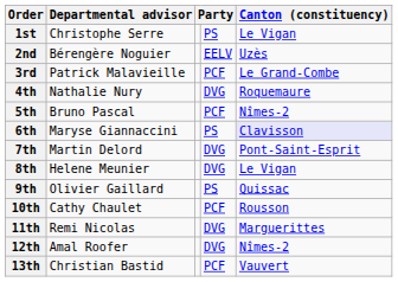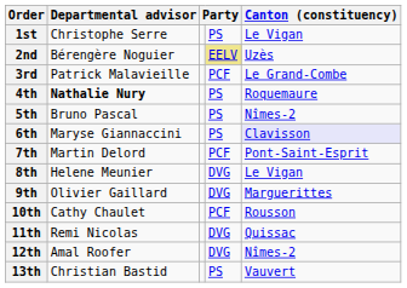 <table class="wikitable sortable">
 <tr>
 <th>Order</th>
 <th>Departmental advisor</th>
 <th colspan="2">Party</th>
 <th><a href='#'>Canton</a> (constituency)</th>
 </tr>
 <tr>
 <th><abbr><strong>1st</strong></abbr></th>
 <td>Christophe Serre</td>
 <td style="background-color:"></td>
 <td><a href='#'>PS</a></td>
 <td><a href='#'>Le Vigan</a></td>
 </tr>
 <tr>
 <th><abbr><strong>2nd</strong></abbr></th>
 <td>Bérengère Noguier</td>
 <td style="background-color:"></td>
-<td><a href='#'>EELV</a></td>
+<td style="background: khaki;"><a href='#'>EELV</a></td>
 <td><a href='#'>Uzès</a></td>
 </tr>
 <tr>
 <th><abbr><strong>3rd</strong></abbr></th>
 <td>Patrick Malavieille</td>
 <td style="background-color:"></td>
 <td><a href='#'>PCF</a></td>
 <td><a href='#'>Le Grand-Combe</a></td>
 </tr>
 <tr>
 <th><abbr><strong>4th</strong></abbr></th>
-<td>Nathalie Nury</td>
+<td><strong>Nathalie Nury</strong></td>
 <td style="background-color:"></td>
-<td><a href='#'>DVG</a></td>
+<td><a href='#'>PS</a></td>
 <td><a href='#'>Roquemaure</a></td>
 </tr>
 <tr>
 <th><abbr><strong>5th</strong></abbr></th>
 <td>Bruno Pascal</td>
 <td style="background-color:"></td>
-<td><a href='#'>PCF</a></td>
+<td><a href='#'>PS</a></td>
 <td><a href='#'>Nîmes-2</a></td>
 </tr>
 <tr>
 <th><abbr><strong>6th</strong></abbr></th>
 <td>Maryse Giannaccini</td>
 <td style="background-color:"></td>
 <td><a href='#'>PS</a></td>
 <td style="background: lavender;"><a href='#'>Clavisson</a></td>
 </tr>
 <tr>
 <th><abbr><strong>7th</strong></abbr></th>
 <td>Martin Delord</td>
 <td style="background-color:"></td>
-<td><a href='#'>DVG</a></td>
+<td><a href='#'>PCF</a></td>
 <td><a href='#'>Pont-Saint-Esprit</a></td>
 </tr>
 <tr>
 <th><abbr><strong>8th</strong></abbr></th>
 <td>Helene Meunier</td>
 <td style="background-color:"></td>
 <td><a href='#'>DVG</a></td>
 <td><a href='#'>Le Vigan</a></td>
 </tr>
 <tr>
 <th><abbr><strong>9th</strong></abbr></th>
 <td>Olivier Gaillard</td>
 <td style="background-color:"></td>
-<td><a href='#'>PS</a></td>
-<td><a href='#'>Quissac</a></td>
+<td><a href='#'>DVG</a></td>
+<td><a href='#'>Marguerittes</a></td>
 </tr>
 <tr>
 <th><abbr><strong>10th</strong></abbr></th>
 <td>Cathy Chaulet</td>
 <td style="background-color:"></td>
 <td><a href='#'>PCF</a></td>
 <td><a href='#'>Rousson</a></td>
 </tr>
 <tr>
 <th><abbr><strong>11th</strong></abbr></th>
 <td>Remi Nicolas</td>
 <td style="background-color:"></td>
 <td><a href='#'>DVG</a></td>
-<td><a href='#'>Marguerittes</a></td>
+<td><a href='#'>Quissac</a></td>
 </tr>
 <tr>
 <th><abbr><strong>12th</strong></abbr></th>
 <td>Amal Roofer</td>
 <td style="background-color:"></td>
 <td><a href='#'>DVG</a></td>
 <td><a href='#'>Nîmes-2</a></td>
 </tr>
 <tr>
 <th><abbr><strong>13th</strong></abbr></th>
 <td>Christian Bastid</td>
 <td style="background-color:"></td>
-<td><a href='#'>PCF</a></td>
+<td><a href='#'>PS</a></td>
 <td><a href='#'>Vauvert</a></td>
 </tr>
 </table>
